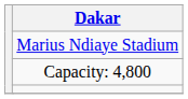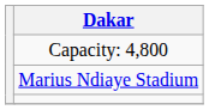 <table class="wikitable" style="text-align:center">
 <tr>
 <th rowspan="4" colspan="2"></th>
 <th><a href='#'>Dakar</a></th>
 </tr>
 <tr>
-<td><a href='#'>Marius Ndiaye Stadium</a></td>
+<td>Capacity: 4,800</td>
 </tr>
 <tr>
-<td>Capacity: 4,800</td>
+<td><a href='#'>Marius Ndiaye Stadium</a></td>
 </tr>
 <tr>
 <td></td>
 </tr>
 <tr>
 </tr>
 </table>
